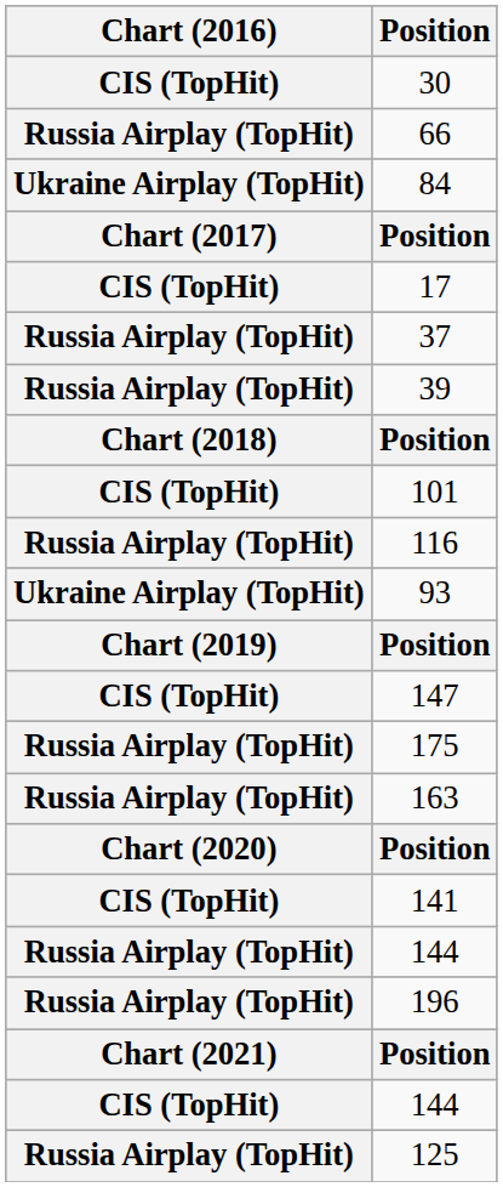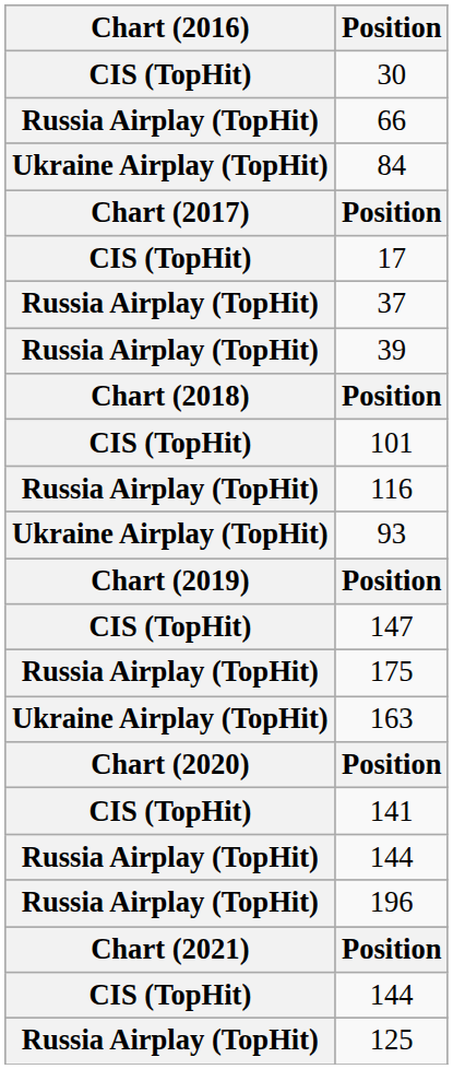 <table class="wikitable sortable plainrowheaders" style="text-align:center">
 <tr>
 <th scope="col">Chart (2016)</th>
 <th scope="col">Position</th>
 </tr>
 <tr>
 <th scope="row">CIS (TopHit)</th>
 <td>30</td>
 </tr>
 <tr>
 <th scope="row">Russia Airplay (TopHit)</th>
 <td>66</td>
 </tr>
 <tr>
 <th scope="row">Ukraine Airplay (TopHit)</th>
 <td>84</td>
 </tr>
 <tr>
 <th scope="col">Chart (2017)</th>
 <th scope="col">Position</th>
 </tr>
 <tr>
 <th scope="row">CIS (TopHit)</th>
 <td>17</td>
 </tr>
 <tr>
 <th scope="row">Russia Airplay (TopHit)</th>
 <td>37</td>
 </tr>
 <tr>
 <th scope="row">Russia Airplay (TopHit)</th>
 <td>39</td>
 </tr>
 <tr>
 <th scope="col">Chart (2018)</th>
 <th scope="col">Position</th>
 </tr>
 <tr>
 <th scope="row">CIS (TopHit)</th>
 <td>101</td>
 </tr>
 <tr>
 <th scope="row">Russia Airplay (TopHit)</th>
 <td>116</td>
 </tr>
 <tr>
 <th scope="row">Ukraine Airplay (TopHit)</th>
 <td>93</td>
 </tr>
 <tr>
 <th scope="col">Chart (2019)</th>
 <th scope="col">Position</th>
 </tr>
 <tr>
 <th scope="row">CIS (TopHit)</th>
 <td>147</td>
 </tr>
 <tr>
 <th scope="row">Russia Airplay (TopHit)</th>
 <td>175</td>
 </tr>
 <tr>
-<th scope="row">Russia Airplay (TopHit)</th>
+<th scope="row">Ukraine Airplay (TopHit)</th>
 <td>163</td>
 </tr>
 <tr>
 <th scope="col">Chart (2020)</th>
 <th scope="col">Position</th>
 </tr>
 <tr>
 <th scope="row">CIS (TopHit)</th>
 <td>141</td>
 </tr>
 <tr>
 <th scope="row">Russia Airplay (TopHit)</th>
 <td>144</td>
 </tr>
 <tr>
 <th scope="row">Russia Airplay (TopHit)</th>
 <td>196</td>
 </tr>
 <tr>
 <th scope="col">Chart (2021)</th>
 <th scope="col">Position</th>
 </tr>
 <tr>
 <th scope="row">CIS (TopHit)</th>
 <td>144</td>
 </tr>
 <tr>
 <th scope="row">Russia Airplay (TopHit)</th>
 <td>125</td>
 </tr>
 <tr>
 </tr>
 </table>
